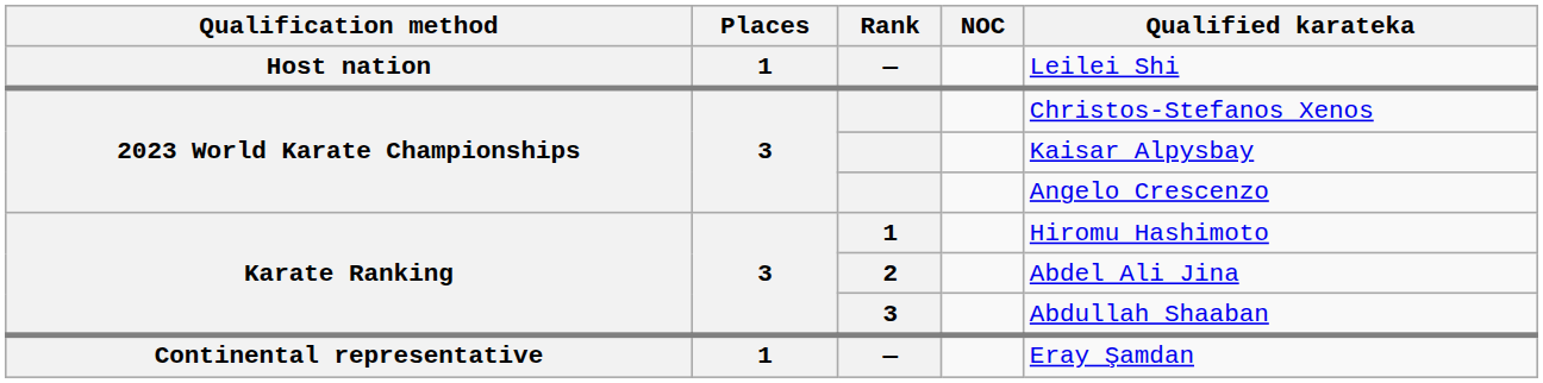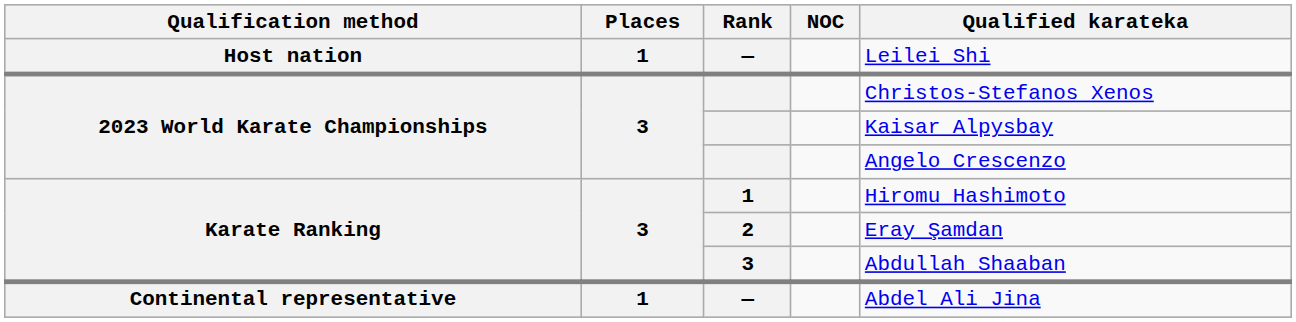 <table class="wikitable" width=800>
 <tr>
 <th>Qualification method</th>
 <th>Places</th>
 <th>Rank</th>
 <th>NOC</th>
 <th>Qualified karateka</th>
 </tr>
 <tr style="border-bottom: 3px solid grey;">
 <th>Host nation</th>
 <th>1</th>
 <th>—</th>
 <td></td>
 <td><a href='#'>Leilei Shi</a></td>
 </tr>
 <tr>
 <th rowspan=3>2023 World Karate Championships</th>
 <th rowspan=3>3</th>
 <th></th>
 <td></td>
 <td><a href='#'>Christos-Stefanos Xenos</a></td>
 </tr>
 <tr>
 <th></th>
 <td></td>
 <td><a href='#'>Kaisar Alpysbay</a></td>
 </tr>
 <tr>
 <th></th>
 <td></td>
 <td><a href='#'>Angelo Crescenzo</a></td>
 </tr>
 <tr>
 <th rowspan=3>Karate Ranking</th>
 <th rowspan=3>3</th>
 <th>1</th>
 <td></td>
 <td><a href='#'>Hiromu Hashimoto</a></td>
 </tr>
 <tr>
 <th>2</th>
 <td></td>
-<td><a href='#'>Abdel Ali Jina</a></td>
+<td><a href='#'>Eray Şamdan</a></td>
 </tr>
 <tr>
 <th>3</th>
 <td></td>
 <td><a href='#'>Abdullah Shaaban</a></td>
 </tr>
 <tr>
 </tr>
 <tr style="border-top: 3px solid grey;">
 <th rowspan=5>Continental representative</th>
 <th>1</th>
 <th>—</th>
 <td></td>
-<td><a href='#'>Eray Şamdan</a></td>
+<td><a href='#'>Abdel Ali Jina</a></td>
 </tr>
 </table>
